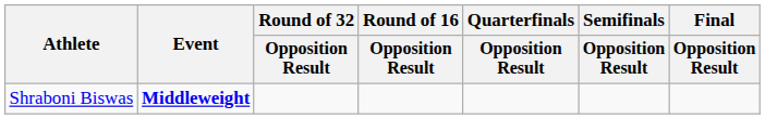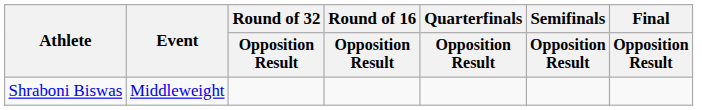 <table class="wikitable" style="font-size:90%">
 <tr>
 <th rowspan=2>Athlete</th>
 <th rowspan=2>Event</th>
 <th>Round of 32</th>
 <th>Round of 16</th>
 <th>Quarterfinals</th>
 <th>Semifinals</th>
 <th colspan=2>Final</th>
 </tr>
 <tr style="font-size:95%">
 <th>Opposition<br>Result</th>
 <th>Opposition<br>Result</th>
 <th>Opposition<br>Result</th>
 <th>Opposition<br>Result</th>
 <th>Opposition<br>Result</th>
 </tr>
 <tr align=center>
 <td align=left><a href='#'>Shraboni Biswas</a></td>
-<td align=left><strong><a href='#'>Middleweight</a></strong></td>
+<td align=left><a href='#'>Middleweight</a></td>
 <td></td>
 <td></td>
 <td></td>
 <td></td>
 <td></td>
 </tr>
 </table>
